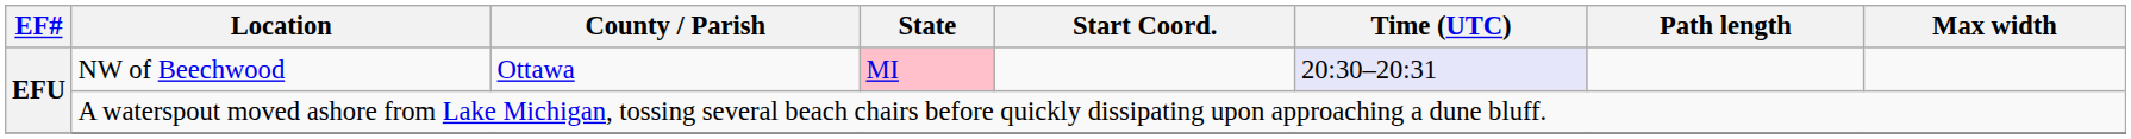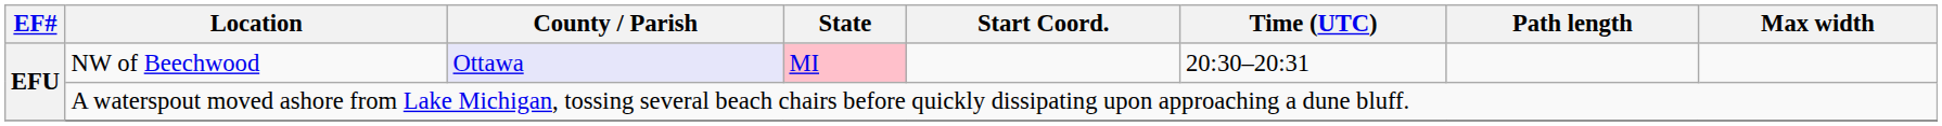 <table class="wikitable sortable" style="width:100%;">
 <tr>
 <th scope="col" width="2%" align="center"><a href='#'>EF#</a></th>
 <th scope="col" align="center" class="unsortable">Location</th>
 <th scope="col" align="center" class="unsortable">County / Parish</th>
 <th scope="col" align="center">State</th>
 <th scope="col" align="center">Start Coord.</th>
 <th scope="col" align="center">Time (<a href='#'>UTC</a>)</th>
 <th scope="col" align="center">Path length</th>
 <th scope="col" align="center">Max width</th>
 </tr>
 <tr>
 <th scope="row" rowspan="2" style="background-color:#">EFU</th>
 <td>NW of <a href='#'>Beechwood</a></td>
-<td><a href='#'>Ottawa</a></td>
+<td style="background: lavender;"><a href='#'>Ottawa</a></td>
 <td style="background: pink;"><a href='#'>MI</a></td>
 <td></td>
-<td style="background: lavender;">20:30–20:31</td>
+<td>20:30–20:31</td>
 <td></td>
 <td></td>
 </tr>
 <tr class="expand-child">
 <td colspan="8" style=" border-bottom: 1px solid black;">A waterspout moved ashore from <a href='#'>Lake Michigan</a>, tossing several beach chairs before quickly dissipating upon approaching a dune bluff.</td>
 </tr>
 <tr>
 </tr>
 </table>
